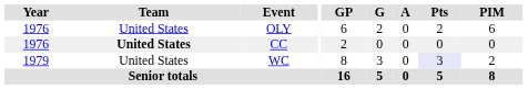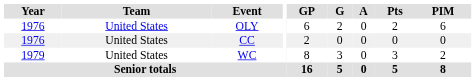 <table border="0" cellpadding="1" cellspacing="0" ID="Table3" style="text-align:center; width:40em">
 <tr bgcolor="#e0e0e0">
 <th>Year</th>
 <th>Team</th>
 <th>Event</th>
 <th rowspan="102" bgcolor="#ffffff"></th>
 <th>GP</th>
 <th>G</th>
 <th>A</th>
 <th>Pts</th>
 <th>PIM</th>
 </tr>
 <tr>
 <td><a href='#'>1976</a></td>
 <td><a href='#'>United States</a></td>
 <td><a href='#'>OLY</a></td>
 <td>6</td>
 <td>2</td>
 <td>0</td>
 <td>2</td>
 <td>6</td>
 </tr>
 <tr bgcolor="#f0f0f0">
 <td><a href='#'>1976</a></td>
-<td><strong>United States</strong></td>
+<td>United States</td>
 <td><a href='#'>CC</a></td>
 <td>2</td>
 <td>0</td>
 <td>0</td>
 <td>0</td>
 <td>0</td>
 </tr>
 <tr>
 <td><a href='#'>1979</a></td>
 <td>United States</td>
 <td><a href='#'>WC</a></td>
 <td>8</td>
 <td>3</td>
 <td>0</td>
-<td style="background: lavender;">3</td>
+<td>3</td>
 <td>2</td>
 </tr>
 <tr bgcolor="#e0e0e0">
 <th colspan="4">Senior totals</th>
 <th>16</th>
 <th>5</th>
 <th>0</th>
 <th>5</th>
 <th>8</th>
 </tr>
 </table>
